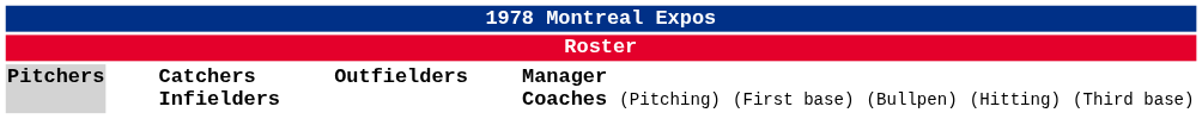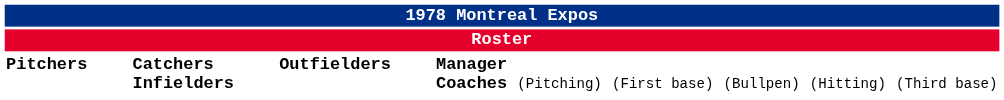 <table class="toccolours" style="font-size: 95%;">
 <tr>
 <th colspan="10" style="background-color: #003087; color: #FFFFFF; text-align: center;">1978 Montreal Expos</th>
 </tr>
 <tr>
 <td colspan="10" style="background-color: #E4002B; color: #FFFFFF; text-align: center;"><strong>Roster</strong></td>
 </tr>
 <tr>
-<td valign="top" style="background: lightgrey;"><strong>Pitchers</strong><br>                </td>
+<td valign="top"><strong>Pitchers</strong><br>                </td>
 <td width="25px"></td>
 <td valign="top"><strong>Catchers</strong><br>     <strong>Infielders</strong>         </td>
 <td width="25px"></td>
 <td valign="top"><strong>Outfielders</strong><br>    </td>
 <td width="25px"></td>
 <td valign="top"><strong>Manager</strong><br> <strong>Coaches</strong>  <small>(Pitching)</small>  <small>(First base)</small>  <small>(Bullpen)</small>  <small>(Hitting)</small>  <small>(Third base)</small></td>
 </tr>
 <tr>
 </tr>
 </table>
